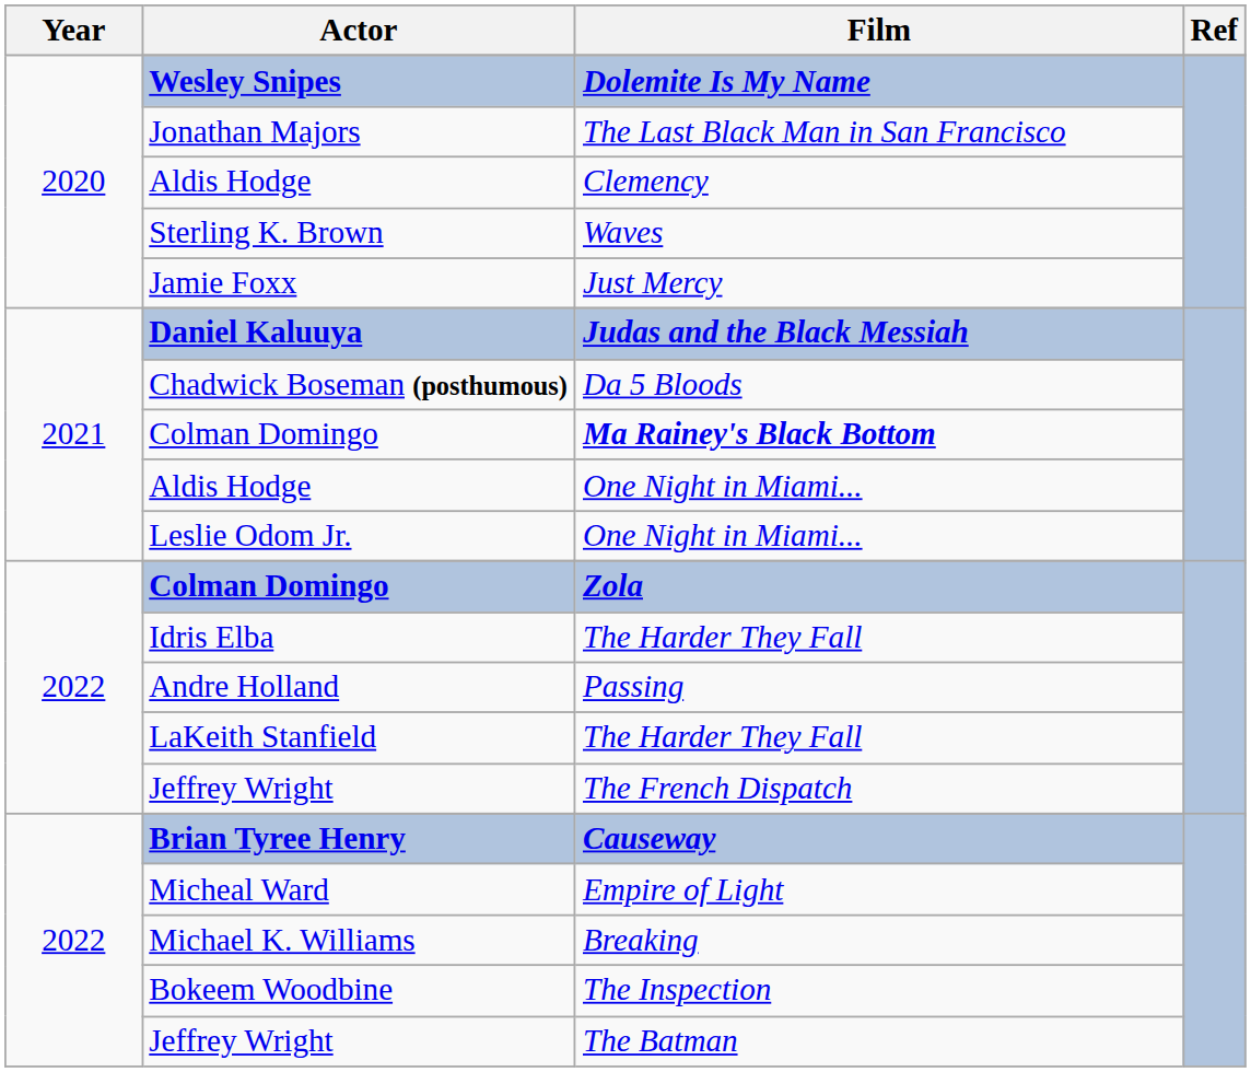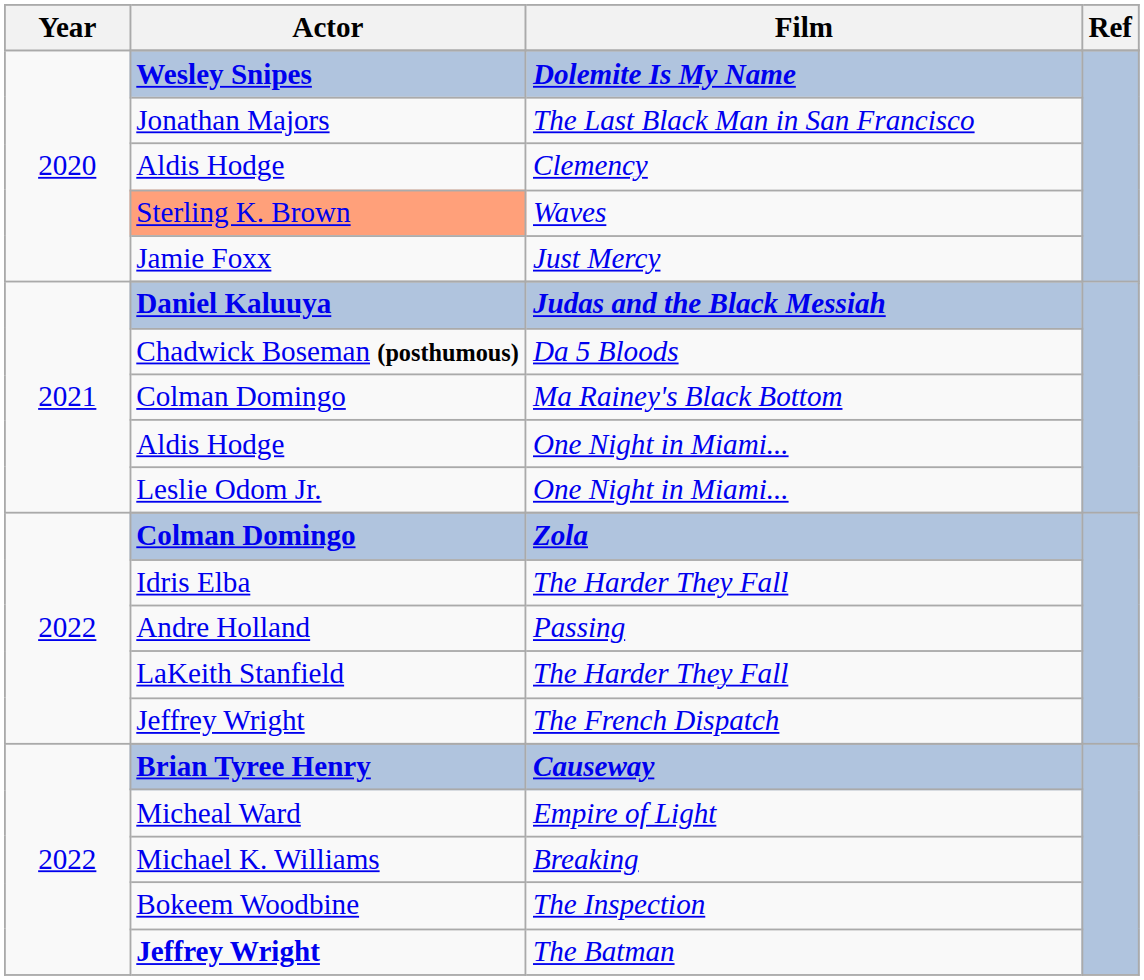 <table class="wikitable" style="width:100%;">
 <tr style="background:#bebebe;">
 <th style="width:11%;">Year</th>
 <th style="width:35%;">Actor</th>
 <th style="width:49%;">Film</th>
 <th style="width:5%;">Ref</th>
 </tr>
 <tr>
 <td rowspan="6" align="center"><a href='#'>2020</a></td>
 </tr>
 <tr style="background:#B0C4DE">
 <td><strong><a href='#'>Wesley Snipes</a></strong></td>
 <td><strong><em><a href='#'>Dolemite Is My Name</a></em></strong></td>
 <td rowspan="6" align="center"></td>
 </tr>
 <tr>
 <td><a href='#'>Jonathan Majors</a></td>
 <td><em><a href='#'>The Last Black Man in San Francisco</a></em></td>
 </tr>
 <tr>
 <td><a href='#'>Aldis Hodge</a></td>
 <td><em><a href='#'>Clemency</a></em></td>
 </tr>
 <tr>
-<td><a href='#'>Sterling K. Brown</a></td>
+<td style="background: lightsalmon;"><a href='#'>Sterling K. Brown</a></td>
 <td><em><a href='#'>Waves</a></em></td>
 </tr>
 <tr>
 <td><a href='#'>Jamie Foxx</a></td>
 <td><em><a href='#'>Just Mercy</a></em></td>
 </tr>
 <tr>
 <td rowspan="6" align="center"><a href='#'>2021</a></td>
 </tr>
 <tr style="background:#B0C4DE">
 <td><strong><a href='#'>Daniel Kaluuya</a></strong></td>
 <td><strong><em><a href='#'>Judas and the Black Messiah</a></em></strong></td>
 <td rowspan="6" align="center"></td>
 </tr>
 <tr>
 <td><a href='#'>Chadwick Boseman</a> <strong><small>(posthumous)</small></strong></td>
 <td><em><a href='#'>Da 5 Bloods</a></em></td>
 </tr>
 <tr>
 <td><a href='#'>Colman Domingo</a></td>
-<td><strong><em><a href='#'>Ma Rainey's Black Bottom</a></em></strong></td>
+<td><em><a href='#'>Ma Rainey's Black Bottom</a></em></td>
 </tr>
 <tr>
 <td><a href='#'>Aldis Hodge</a></td>
 <td><em><a href='#'>One Night in Miami...</a></em></td>
 </tr>
 <tr>
 <td><a href='#'>Leslie Odom Jr.</a></td>
 <td><em><a href='#'>One Night in Miami...</a></em></td>
 </tr>
 <tr>
 <td rowspan="6" align="center"><a href='#'>2022</a></td>
 </tr>
 <tr style="background:#B0C4DE">
 <td><strong><a href='#'>Colman Domingo</a></strong></td>
 <td><strong><em><a href='#'>Zola</a></em></strong></td>
 <td rowspan="6" align="center"></td>
 </tr>
 <tr>
 <td><a href='#'>Idris Elba</a></td>
 <td><em><a href='#'>The Harder They Fall</a></em></td>
 </tr>
 <tr>
 <td><a href='#'>Andre Holland</a></td>
 <td><em><a href='#'>Passing</a></em></td>
 </tr>
 <tr>
 <td><a href='#'>LaKeith Stanfield</a></td>
 <td><em><a href='#'>The Harder They Fall</a></em></td>
 </tr>
 <tr>
 <td><a href='#'>Jeffrey Wright</a></td>
 <td><em><a href='#'>The French Dispatch</a></em></td>
 </tr>
 <tr>
 <td rowspan="6" align="center"><a href='#'>2022</a></td>
 </tr>
 <tr style="background:#B0C4DE">
 <td><strong><a href='#'>Brian Tyree Henry</a></strong></td>
 <td><strong><em><a href='#'>Causeway</a></em></strong></td>
 <td rowspan="6" align="center"></td>
 </tr>
 <tr>
 <td><a href='#'>Micheal Ward</a></td>
 <td><em><a href='#'>Empire of Light</a></em></td>
 </tr>
 <tr>
 <td><a href='#'>Michael K. Williams</a> </td>
 <td><em><a href='#'>Breaking</a></em></td>
 </tr>
 <tr>
 <td><a href='#'>Bokeem Woodbine</a></td>
 <td><em><a href='#'>The Inspection</a></em></td>
 </tr>
 <tr>
-<td><a href='#'>Jeffrey Wright</a></td>
+<td><strong><a href='#'>Jeffrey Wright</a></strong></td>
 <td><em><a href='#'>The Batman</a></em></td>
 </tr>
 </table>
